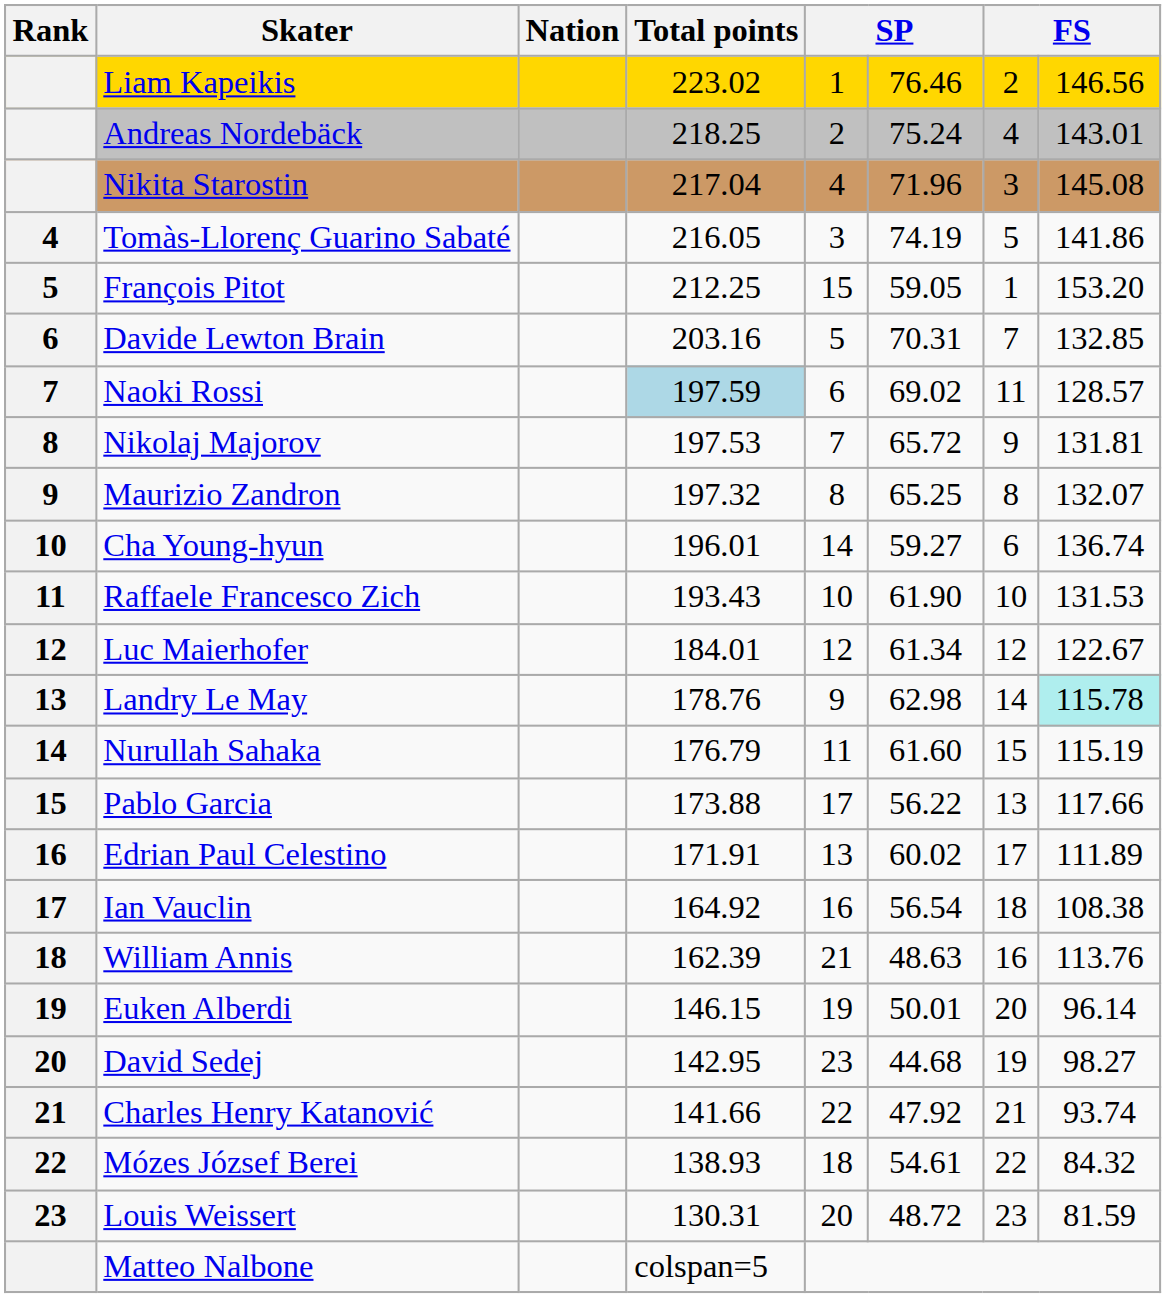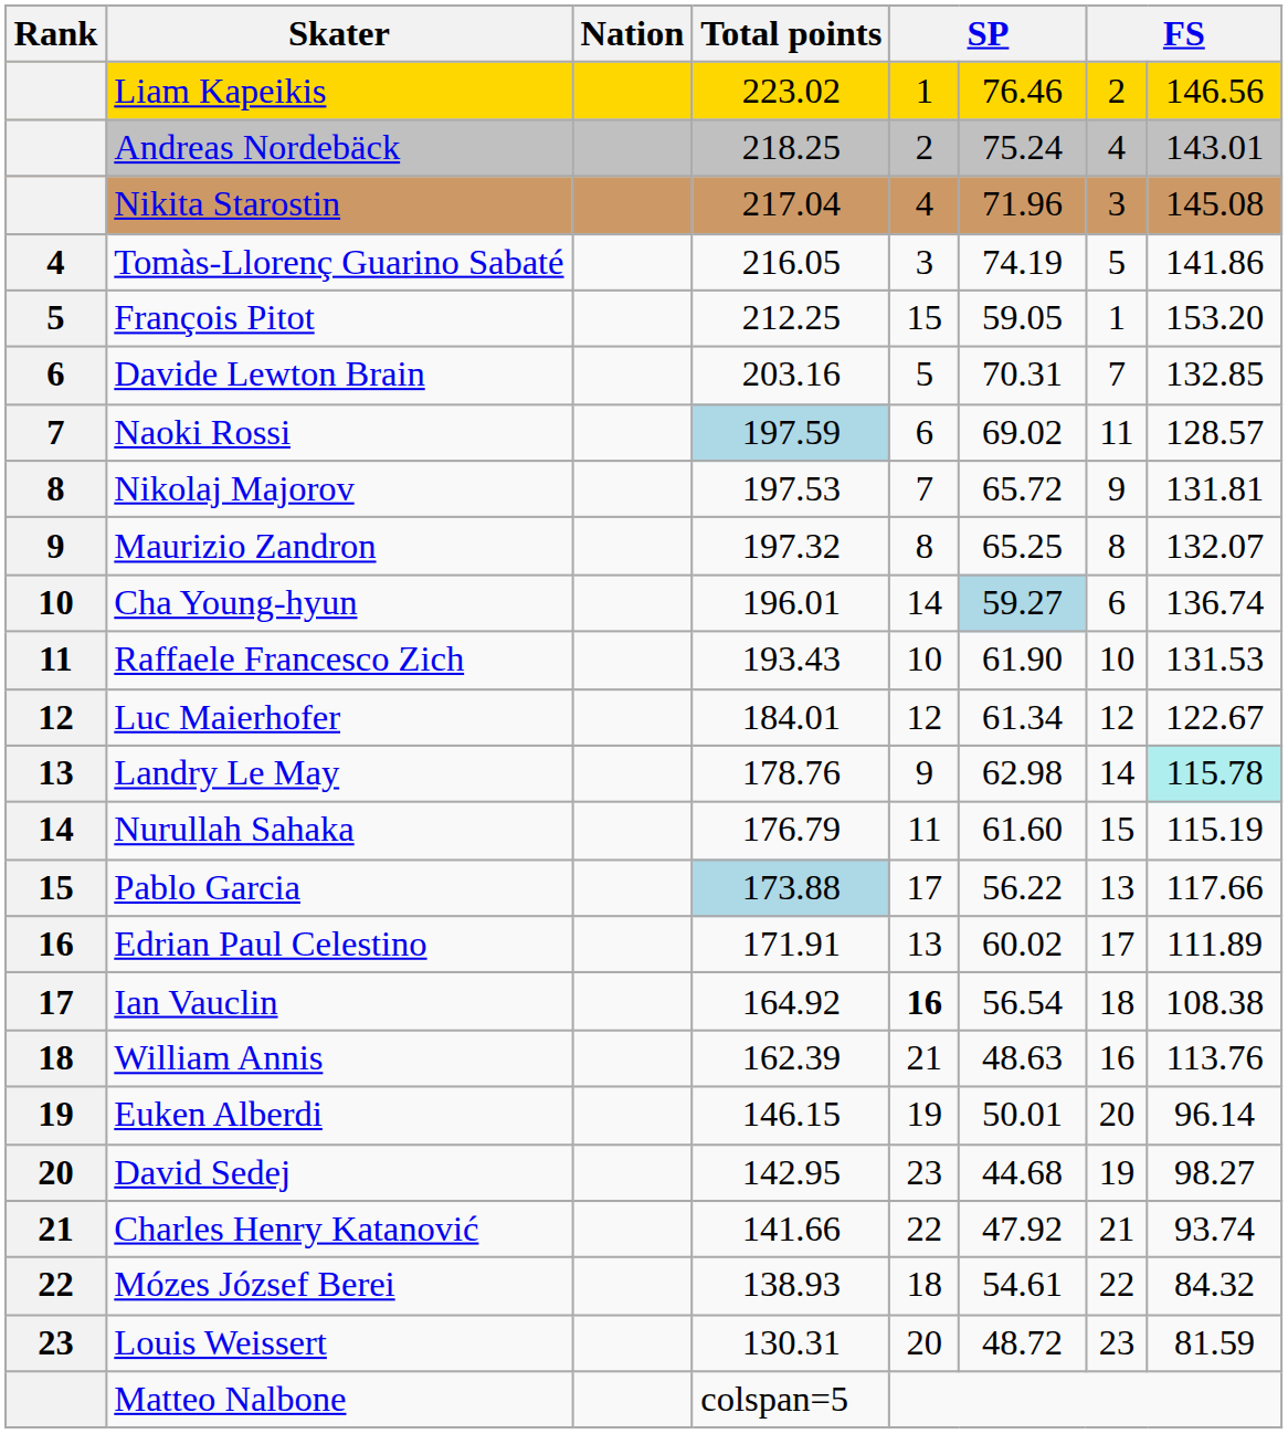 <table class="wikitable sortable" style="text-align:left">
 <tr>
 <th scope="col">Rank</th>
 <th scope="col">Skater</th>
 <th scope="col">Nation</th>
 <th scope="col">Total points</th>
 <th scope="col" colspan="2" width="80px"><a href='#'>SP</a></th>
 <th scope="col" colspan="2" width="80px"><a href='#'>FS</a></th>
 </tr>
 <tr bgcolor="gold">
 <th scope="row"></th>
 <td><a href='#'>Liam Kapeikis</a></td>
 <td></td>
 <td align="center">223.02</td>
 <td align="center">1</td>
 <td align="center">76.46</td>
 <td align="center">2</td>
 <td align="center">146.56</td>
 </tr>
 <tr bgcolor="silver">
 <th scope="row"></th>
 <td><a href='#'>Andreas Nordebäck</a></td>
 <td></td>
 <td align="center">218.25</td>
 <td align="center">2</td>
 <td align="center">75.24</td>
 <td align="center">4</td>
 <td align="center">143.01</td>
 </tr>
 <tr bgcolor="cc9966">
 <th scope="row"></th>
 <td><a href='#'>Nikita Starostin</a></td>
 <td></td>
 <td align="center">217.04</td>
 <td align="center">4</td>
 <td align="center">71.96</td>
 <td align="center">3</td>
 <td align="center">145.08</td>
 </tr>
 <tr>
 <th scope="row">4</th>
 <td><a href='#'>Tomàs-Llorenç Guarino Sabaté</a></td>
 <td></td>
 <td align="center">216.05</td>
 <td align="center">3</td>
 <td align="center">74.19</td>
 <td align="center">5</td>
 <td align="center">141.86</td>
 </tr>
 <tr>
 <th scope="row">5</th>
 <td><a href='#'>François Pitot</a></td>
 <td></td>
 <td align="center">212.25</td>
 <td align="center">15</td>
 <td align="center">59.05</td>
 <td align="center">1</td>
 <td align="center">153.20</td>
 </tr>
 <tr>
 <th scope="row">6</th>
 <td><a href='#'>Davide Lewton Brain</a></td>
 <td></td>
 <td align="center">203.16</td>
 <td align="center">5</td>
 <td align="center">70.31</td>
 <td align="center">7</td>
 <td align="center">132.85</td>
 </tr>
 <tr>
 <th scope="row">7</th>
 <td><a href='#'>Naoki Rossi</a></td>
 <td></td>
 <td align="center" style="background: lightblue;">197.59</td>
 <td align="center">6</td>
 <td align="center">69.02</td>
 <td align="center">11</td>
 <td align="center">128.57</td>
 </tr>
 <tr>
 <th scope="row">8</th>
 <td><a href='#'>Nikolaj Majorov</a></td>
 <td></td>
 <td align="center">197.53</td>
 <td align="center">7</td>
 <td align="center">65.72</td>
 <td align="center">9</td>
 <td align="center">131.81</td>
 </tr>
 <tr>
 <th scope="row">9</th>
 <td><a href='#'>Maurizio Zandron</a></td>
 <td></td>
 <td align="center">197.32</td>
 <td align="center">8</td>
 <td align="center">65.25</td>
 <td align="center">8</td>
 <td align="center">132.07</td>
 </tr>
 <tr>
 <th scope="row">10</th>
 <td><a href='#'>Cha Young-hyun</a></td>
 <td></td>
 <td align="center">196.01</td>
 <td align="center">14</td>
-<td align="center">59.27</td>
+<td align="center" style="background: lightblue;">59.27</td>
 <td align="center">6</td>
 <td align="center">136.74</td>
 </tr>
 <tr>
 <th scope="row">11</th>
 <td><a href='#'>Raffaele Francesco Zich</a></td>
 <td></td>
 <td align="center">193.43</td>
 <td align="center">10</td>
 <td align="center">61.90</td>
 <td align="center">10</td>
 <td align="center">131.53</td>
 </tr>
 <tr>
 <th scope="row">12</th>
 <td><a href='#'>Luc Maierhofer</a></td>
 <td></td>
 <td align="center">184.01</td>
 <td align="center">12</td>
 <td align="center">61.34</td>
 <td align="center">12</td>
 <td align="center">122.67</td>
 </tr>
 <tr>
 <th scope="row">13</th>
 <td><a href='#'>Landry Le May</a></td>
 <td></td>
 <td align="center">178.76</td>
 <td align="center">9</td>
 <td align="center">62.98</td>
 <td align="center">14</td>
 <td align="center" style="background: paleturquoise;">115.78</td>
 </tr>
 <tr>
 <th scope="row">14</th>
 <td><a href='#'>Nurullah Sahaka</a></td>
 <td></td>
 <td align="center">176.79</td>
 <td align="center">11</td>
 <td align="center">61.60</td>
 <td align="center">15</td>
 <td align="center">115.19</td>
 </tr>
 <tr>
 <th scope="row">15</th>
 <td><a href='#'>Pablo Garcia</a></td>
 <td></td>
-<td align="center">173.88</td>
+<td align="center" style="background: lightblue;">173.88</td>
 <td align="center">17</td>
 <td align="center">56.22</td>
 <td align="center">13</td>
 <td align="center">117.66</td>
 </tr>
 <tr>
 <th scope="row">16</th>
 <td><a href='#'>Edrian Paul Celestino</a></td>
 <td></td>
 <td align="center">171.91</td>
 <td align="center">13</td>
 <td align="center">60.02</td>
 <td align="center">17</td>
 <td align="center">111.89</td>
 </tr>
 <tr>
 <th scope="row">17</th>
 <td><a href='#'>Ian Vauclin</a></td>
 <td></td>
 <td align="center">164.92</td>
-<td align="center">16</td>
+<td align="center"><strong>16</strong></td>
 <td align="center">56.54</td>
 <td align="center">18</td>
 <td align="center">108.38</td>
 </tr>
 <tr>
 <th scope="row">18</th>
 <td><a href='#'>William Annis</a></td>
 <td></td>
 <td align="center">162.39</td>
 <td align="center">21</td>
 <td align="center">48.63</td>
 <td align="center">16</td>
 <td align="center">113.76</td>
 </tr>
 <tr>
 <th scope="row">19</th>
 <td><a href='#'>Euken Alberdi</a></td>
 <td></td>
 <td align="center">146.15</td>
 <td align="center">19</td>
 <td align="center">50.01</td>
 <td align="center">20</td>
 <td align="center">96.14</td>
 </tr>
 <tr>
 <th scope="row">20</th>
 <td><a href='#'>David Sedej</a></td>
 <td></td>
 <td align="center">142.95</td>
 <td align="center">23</td>
 <td align="center">44.68</td>
 <td align="center">19</td>
 <td align="center">98.27</td>
 </tr>
 <tr>
 <th scope="row">21</th>
 <td><a href='#'>Charles Henry Katanović</a></td>
 <td></td>
 <td align="center">141.66</td>
 <td align="center">22</td>
 <td align="center">47.92</td>
 <td align="center">21</td>
 <td align="center">93.74</td>
 </tr>
 <tr>
 <th scope="row">22</th>
 <td><a href='#'>Mózes József Berei</a></td>
 <td></td>
 <td align="center">138.93</td>
 <td align="center">18</td>
 <td align="center">54.61</td>
 <td align="center">22</td>
 <td align="center">84.32</td>
 </tr>
 <tr>
 <th scope="row">23</th>
 <td><a href='#'>Louis Weissert</a></td>
 <td></td>
 <td align="center">130.31</td>
 <td align="center">20</td>
 <td align="center">48.72</td>
 <td align="center">23</td>
 <td align="center">81.59</td>
 </tr>
 <tr>
 <th></th>
 <td><a href='#'>Matteo Nalbone</a></td>
 <td></td>
 <td>colspan=5 </td>
 </tr>
 </table>
